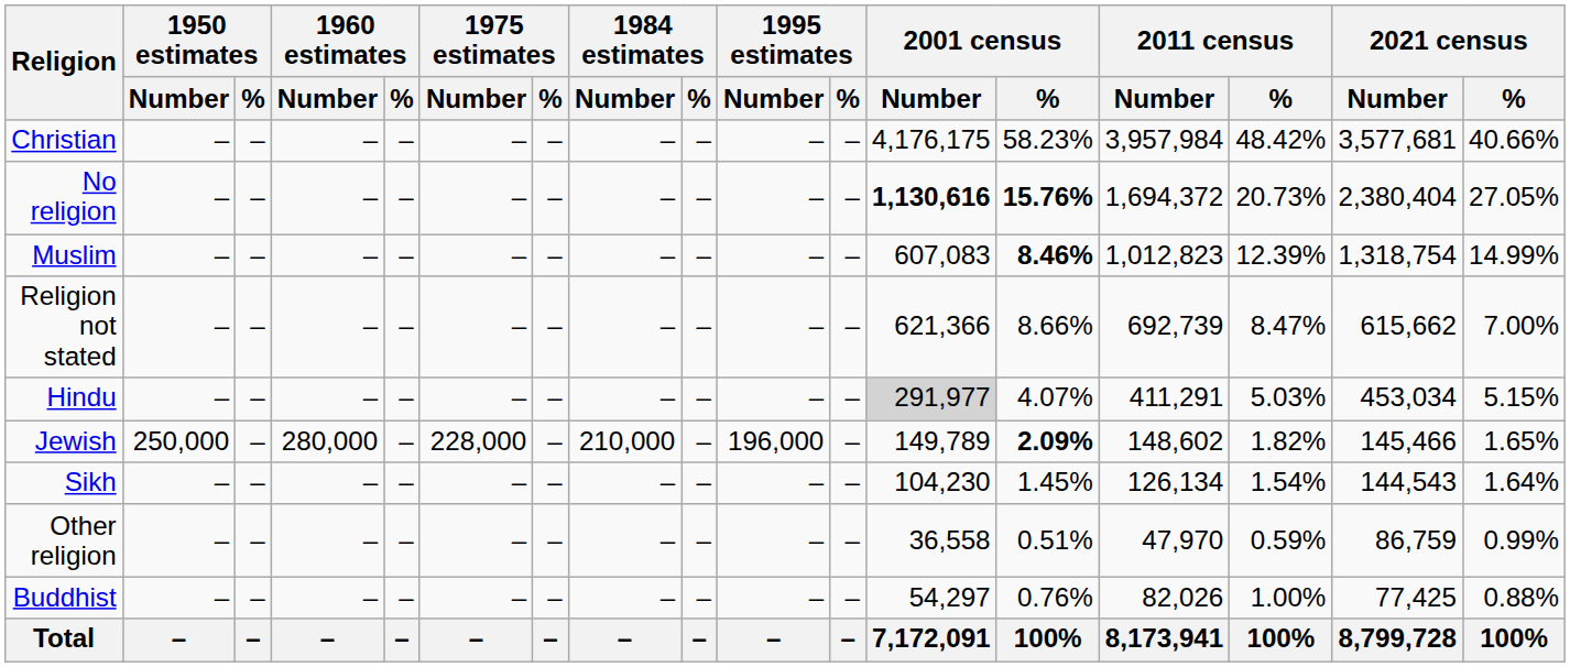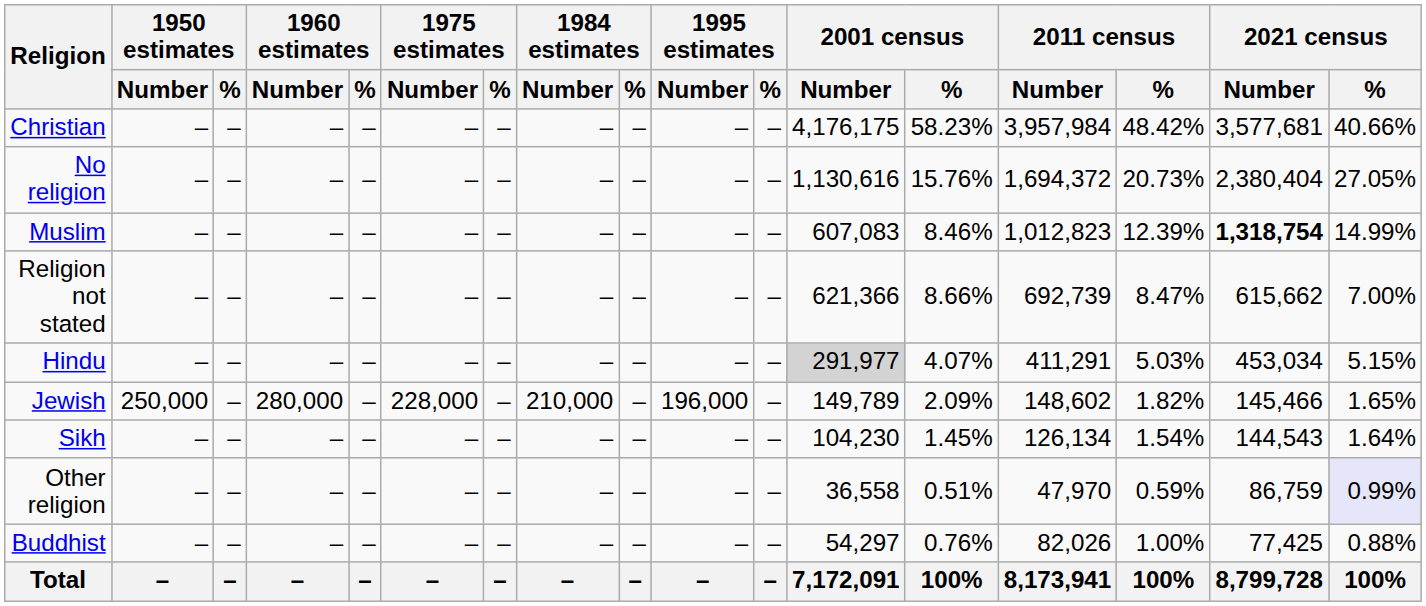 <table class="wikitable sortable plainrowheaders" style="text-align:right">
 <tr>
 <th scope="col" rowspan="2">Religion</th>
 <th colspan="2">1950 estimates</th>
 <th colspan="2">1960 estimates</th>
 <th colspan="2">1975 estimates</th>
 <th colspan="2">1984 estimates</th>
 <th colspan="2">1995 estimates</th>
 <th colspan="2" scope="col">2001 census</th>
 <th colspan="2" scope="col">2011 census</th>
 <th colspan="2" scope="col">2021 census</th>
 </tr>
 <tr>
 <th>Number</th>
 <th>%</th>
 <th>Number</th>
 <th>%</th>
 <th>Number</th>
 <th>%</th>
 <th>Number</th>
 <th>%</th>
 <th>Number</th>
 <th>%</th>
 <th scope="col">Number</th>
 <th scope="col">%</th>
 <th scope="col">Number</th>
 <th scope="col">%</th>
 <th scope="col">Number</th>
 <th scope="col">%</th>
 </tr>
 <tr>
 <td><a href='#'>Christian</a></td>
 <td>–</td>
 <td>–</td>
 <td>–</td>
 <td>–</td>
 <td>–</td>
 <td>–</td>
 <td>–</td>
 <td>–</td>
 <td>–</td>
 <td>–</td>
 <td>4,176,175</td>
 <td>58.23%</td>
 <td>3,957,984</td>
 <td>48.42%</td>
 <td>3,577,681</td>
 <td>40.66%</td>
 </tr>
 <tr>
 <td><a href='#'>No religion</a></td>
 <td>–</td>
 <td>–</td>
 <td>–</td>
 <td>–</td>
 <td>–</td>
 <td>–</td>
 <td>–</td>
 <td>–</td>
 <td>–</td>
 <td>–</td>
-<td><strong>1,130,616</strong></td>
-<td><strong>15.76%</strong></td>
+<td>1,130,616</td>
+<td>15.76%</td>
 <td>1,694,372</td>
 <td>20.73%</td>
 <td>2,380,404</td>
 <td>27.05%</td>
 </tr>
 <tr>
 <td><a href='#'>Muslim</a></td>
 <td>–</td>
 <td>–</td>
 <td>–</td>
 <td>–</td>
 <td>–</td>
 <td>–</td>
 <td>–</td>
 <td>–</td>
 <td>–</td>
 <td>–</td>
 <td>607,083</td>
-<td><strong>8.46%</strong></td>
+<td>8.46%</td>
 <td>1,012,823</td>
 <td>12.39%</td>
-<td>1,318,754</td>
+<td><strong>1,318,754</strong></td>
 <td>14.99%</td>
 </tr>
 <tr>
 <td>Religion not stated</td>
 <td>–</td>
 <td>–</td>
 <td>–</td>
 <td>–</td>
 <td>–</td>
 <td>–</td>
 <td>–</td>
 <td>–</td>
 <td>–</td>
 <td>–</td>
 <td>621,366</td>
 <td>8.66%</td>
 <td>692,739</td>
 <td>8.47%</td>
 <td>615,662</td>
 <td>7.00%</td>
 </tr>
 <tr>
 <td><a href='#'>Hindu</a></td>
 <td>–</td>
 <td>–</td>
 <td>–</td>
 <td>–</td>
 <td>–</td>
 <td>–</td>
 <td>–</td>
 <td>–</td>
 <td>–</td>
 <td>–</td>
 <td style="background: lightgrey;">291,977</td>
 <td>4.07%</td>
 <td>411,291</td>
 <td>5.03%</td>
 <td>453,034</td>
 <td>5.15%</td>
 </tr>
 <tr>
 <td><a href='#'>Jewish</a></td>
 <td>250,000</td>
 <td>–</td>
 <td>280,000</td>
 <td>–</td>
 <td>228,000</td>
 <td>–</td>
 <td>210,000</td>
 <td>–</td>
 <td>196,000</td>
 <td>–</td>
 <td>149,789</td>
-<td><strong>2.09%</strong></td>
+<td>2.09%</td>
 <td>148,602</td>
 <td>1.82%</td>
 <td>145,466</td>
 <td>1.65%</td>
 </tr>
 <tr>
 <td><a href='#'>Sikh</a></td>
 <td>–</td>
 <td>–</td>
 <td>–</td>
 <td>–</td>
 <td>–</td>
 <td>–</td>
 <td>–</td>
 <td>–</td>
 <td>–</td>
 <td>–</td>
 <td>104,230</td>
 <td>1.45%</td>
 <td>126,134</td>
 <td>1.54%</td>
 <td>144,543</td>
 <td>1.64%</td>
 </tr>
 <tr>
 <td>Other religion</td>
 <td>–</td>
 <td>–</td>
 <td>–</td>
 <td>–</td>
 <td>–</td>
 <td>–</td>
 <td>–</td>
 <td>–</td>
 <td>–</td>
 <td>–</td>
 <td>36,558</td>
 <td>0.51%</td>
 <td>47,970</td>
 <td>0.59%</td>
 <td>86,759</td>
-<td>0.99%</td>
+<td style="background: lavender;">0.99%</td>
 </tr>
 <tr>
 <td><a href='#'>Buddhist</a></td>
 <td>–</td>
 <td>–</td>
 <td>–</td>
 <td>–</td>
 <td>–</td>
 <td>–</td>
 <td>–</td>
 <td>–</td>
 <td>–</td>
 <td>–</td>
 <td>54,297</td>
 <td>0.76%</td>
 <td>82,026</td>
 <td>1.00%</td>
 <td>77,425</td>
 <td>0.88%</td>
 </tr>
 <tr>
 <th scope="row"><strong>Total</strong></th>
 <th>–</th>
 <th>–</th>
 <th>–</th>
 <th>–</th>
 <th>–</th>
 <th>–</th>
 <th>–</th>
 <th>–</th>
 <th>–</th>
 <th>–</th>
 <th>7,172,091</th>
 <th>100%</th>
 <th>8,173,941</th>
 <th>100%</th>
 <th>8,799,728</th>
 <th>100%</th>
 </tr>
 </table>
